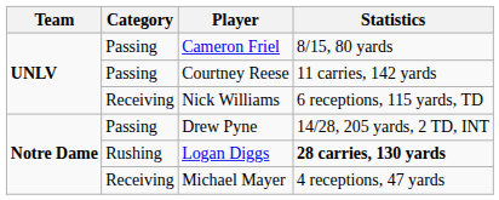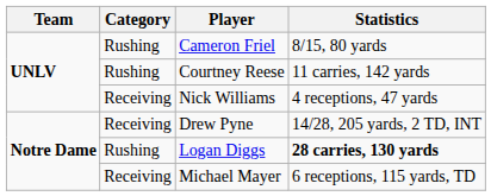 <table class="wikitable" style="float: right;">
 <tr>
 <th>Team</th>
 <th>Category</th>
 <th>Player</th>
 <th>Statistics</th>
 </tr>
 <tr>
 <td rowspan=3><strong>UNLV</strong></td>
-<td>Passing</td>
+<td>Rushing</td>
 <td><a href='#'>Cameron Friel</a></td>
 <td>8/15, 80 yards</td>
 </tr>
 <tr>
-<td>Passing</td>
+<td>Rushing</td>
 <td>Courtney Reese</td>
 <td>11 carries, 142 yards</td>
 </tr>
 <tr>
 <td>Receiving</td>
 <td>Nick Williams</td>
-<td>6 receptions, 115 yards, TD</td>
+<td>4 receptions, 47 yards</td>
 </tr>
 <tr>
 <td rowspan=3><strong>Notre Dame</strong></td>
-<td>Passing</td>
+<td>Receiving</td>
 <td>Drew Pyne</td>
 <td>14/28, 205 yards, 2 TD, INT</td>
 </tr>
 <tr>
 <td>Rushing</td>
 <td><a href='#'>Logan Diggs</a></td>
 <td><strong>28 carries, 130 yards</strong></td>
 </tr>
 <tr>
 <td>Receiving</td>
 <td>Michael Mayer</td>
-<td>4 receptions, 47 yards</td>
+<td>6 receptions, 115 yards, TD</td>
 </tr>
 </table>
